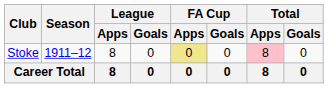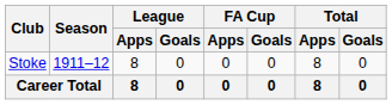 <table class="wikitable" style="text-align: center;">
 <tr>
 <th rowspan="2">Club</th>
 <th rowspan="2">Season</th>
 <th colspan="2">League</th>
 <th colspan="2">FA Cup</th>
 <th colspan="2">Total</th>
 </tr>
 <tr>
 <th>Apps</th>
 <th>Goals</th>
 <th>Apps</th>
 <th>Goals</th>
 <th>Apps</th>
 <th>Goals</th>
 </tr>
 <tr>
 <td><a href='#'>Stoke</a></td>
 <td><a href='#'>1911–12</a></td>
 <td>8</td>
 <td>0</td>
-<td style="background: khaki;">0</td>
 <td>0</td>
-<td style="background: pink;">8</td>
+<td>0</td>
+<td>8</td>
 <td>0</td>
 </tr>
 <tr>
 <th colspan="2">Career Total</th>
 <th>8</th>
 <th>0</th>
 <th>0</th>
 <th>0</th>
 <th>8</th>
 <th>0</th>
 </tr>
 </table>
